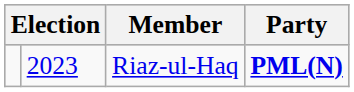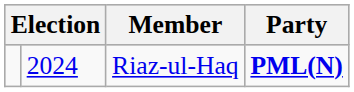 <table class="wikitable">
 <tr>
 <th colspan="2">Election</th>
 <th>Member</th>
 <th>Party</th>
 </tr>
 <tr>
 <td style="background-color: "></td>
-<td><a href='#'>2023</a></td>
+<td><a href='#'>2024</a></td>
 <td><a href='#'>Riaz-ul-Haq</a></td>
 <td><strong><a href='#'>PML(N)</a></strong></td>
 </tr>
 </table>
